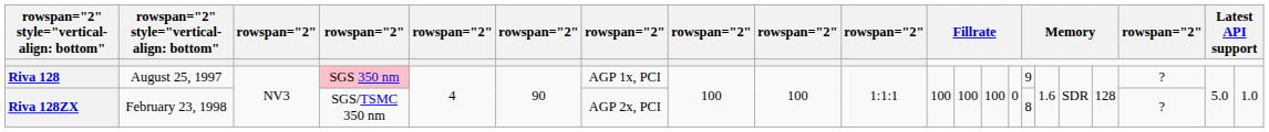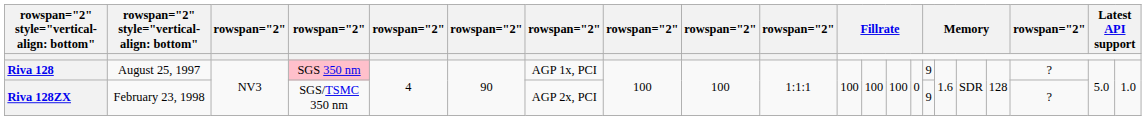 <table class="mw-datatable wikitable sortable" style="font-size:85%; text-align:center;">
 <tr>
 <th>rowspan="2" style="vertical-align: bottom" </th>
 <th>rowspan="2" style="vertical-align: bottom" </th>
 <th>rowspan="2" </th>
 <th>rowspan="2" </th>
 <th>rowspan="2" </th>
 <th>rowspan="2" </th>
 <th>rowspan="2" </th>
 <th>rowspan="2" </th>
 <th>rowspan="2" </th>
 <th>rowspan="2" </th>
 <th colspan="4"><a href='#'>Fillrate</a></th>
 <th colspan="4">Memory</th>
 <th>rowspan="2" </th>
 <th colspan="2">Latest <a href='#'>API</a> support</th>
 </tr>
 <tr>
 <th></th>
 <th></th>
 <th></th>
 <th></th>
 <th></th>
 <th></th>
 <th></th>
 <th></th>
 <th></th>
 <th></th>
 </tr>
 <tr>
 <th style="text-align:left"><a href='#'>Riva 128</a></th>
 <td>August 25, 1997</td>
 <td rowspan="2">NV3</td>
 <td style="background: pink;">SGS <a href='#'>350&nbsp;nm</a></td>
 <td rowspan="2">4</td>
 <td rowspan="2">90</td>
 <td>AGP 1x, PCI</td>
 <td rowspan="2">100</td>
 <td rowspan="2">100</td>
 <td rowspan="2">1:1:1</td>
 <td rowspan="2">100</td>
 <td rowspan="2">100</td>
 <td rowspan="2">100</td>
 <td rowspan="2">0</td>
 <td>9</td>
 <td rowspan="2">1.6</td>
 <td rowspan="2">SDR</td>
 <td rowspan="2">128</td>
 <td>?</td>
 <td rowspan="2">5.0</td>
 <td rowspan="2">1.0</td>
 </tr>
 <tr>
 <th style="text-align:left"><a href='#'>Riva 128ZX</a></th>
 <td>February 23, 1998</td>
 <td>SGS/<a href='#'>TSMC</a> 350 nm</td>
 <td rowspan="1">AGP 2x, PCI</td>
-<td>8</td>
+<td>9</td>
 <td>?</td>
 </tr>
 </table>
